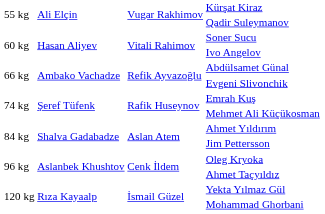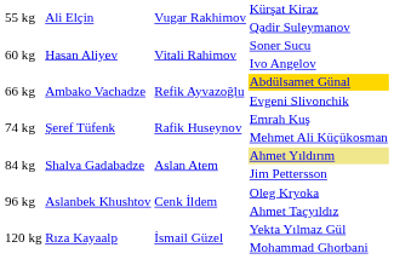 <table>
 <tr>
 <td rowspan=2>55 kg</td>
 <td rowspan=2> <a href='#'>Ali Elçin</a></td>
 <td rowspan=2> <a href='#'>Vugar Rakhimov</a></td>
 <td> <a href='#'>Kürşat Kiraz</a></td>
 </tr>
 <tr>
 <td> <a href='#'>Qadir Suleymanov</a></td>
 </tr>
 <tr>
 <td rowspan=2>60 kg</td>
 <td rowspan=2> <a href='#'>Hasan Aliyev</a></td>
 <td rowspan=2> <a href='#'>Vitali Rahimov</a></td>
 <td> <a href='#'>Soner Sucu</a></td>
 </tr>
 <tr>
 <td> <a href='#'>Ivo Angelov</a></td>
 </tr>
 <tr>
 <td rowspan=2>66 kg</td>
 <td rowspan=2> <a href='#'>Ambako Vachadze</a></td>
 <td rowspan=2> <a href='#'>Refik Ayvazoğlu</a></td>
-<td> <a href='#'>Abdülsamet Günal</a></td>
+<td style="background: gold;"> <a href='#'>Abdülsamet Günal</a></td>
 </tr>
 <tr>
 <td> <a href='#'>Evgeni Slivonchik</a></td>
 </tr>
 <tr>
 <td rowspan=2>74 kg</td>
 <td rowspan=2> <a href='#'>Şeref Tüfenk</a></td>
 <td rowspan=2> <a href='#'>Rafik Huseynov</a></td>
 <td> <a href='#'>Emrah Kuş</a></td>
 </tr>
 <tr>
 <td> <a href='#'>Mehmet Ali Küçükosman</a></td>
 </tr>
 <tr>
 <td rowspan=2>84 kg</td>
 <td rowspan=2> <a href='#'>Shalva Gadabadze</a></td>
 <td rowspan=2> <a href='#'>Aslan Atem</a></td>
-<td> <a href='#'>Ahmet Yıldırım</a></td>
+<td style="background: khaki;"> <a href='#'>Ahmet Yıldırım</a></td>
 </tr>
 <tr>
 <td> <a href='#'>Jim Pettersson</a></td>
 </tr>
 <tr>
 <td rowspan=2>96 kg</td>
 <td rowspan=2> <a href='#'>Aslanbek Khushtov</a></td>
 <td rowspan=2> <a href='#'>Cenk İldem</a></td>
 <td> <a href='#'>Oleg Kryoka</a></td>
 </tr>
 <tr>
 <td> <a href='#'>Ahmet Taçyıldız</a></td>
 </tr>
 <tr>
 <td rowspan=2>120 kg</td>
 <td rowspan=2> <a href='#'>Rıza Kayaalp</a></td>
 <td rowspan=2> <a href='#'>İsmail Güzel</a></td>
 <td> <a href='#'>Yekta Yılmaz Gül</a></td>
 </tr>
 <tr>
 <td> <a href='#'>Mohammad Ghorbani</a></td>
 </tr>
 <tr>
 </tr>
 </table>
